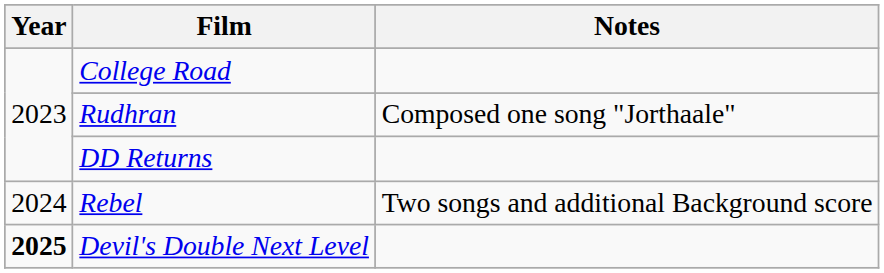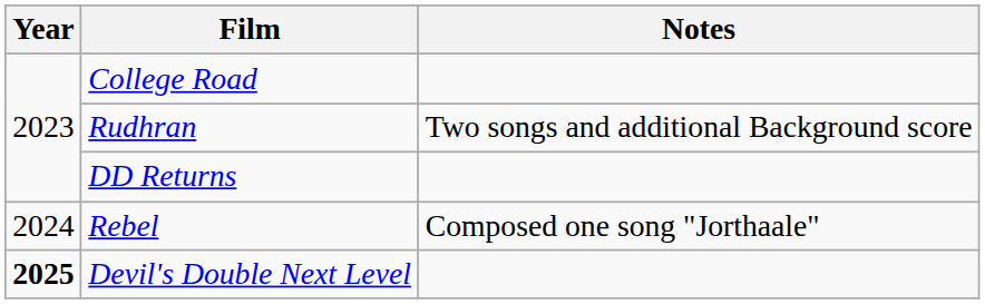 <table class="wikitable">
 <tr>
 <th>Year</th>
 <th>Film</th>
 <th>Notes</th>
 </tr>
 <tr>
 <td rowspan="3">2023</td>
 <td><em><a href='#'>College Road</a></em></td>
 <td></td>
 </tr>
 <tr>
 <td><em><a href='#'>Rudhran</a></em></td>
-<td>Composed one song "Jorthaale"</td>
+<td>Two songs and additional Background score</td>
 </tr>
 <tr>
 <td><em><a href='#'>DD Returns</a></em></td>
 <td></td>
 </tr>
 <tr>
 <td rowspan="1">2024</td>
 <td><a href='#'><em>Rebel</em></a></td>
-<td>Two songs and additional Background score</td>
+<td>Composed one song "Jorthaale"</td>
 </tr>
 <tr>
 <td><strong>2025</strong></td>
 <td><a href='#'><em>Devil's Double Next Level</em></a></td>
 <td></td>
 </tr>
 </table>
